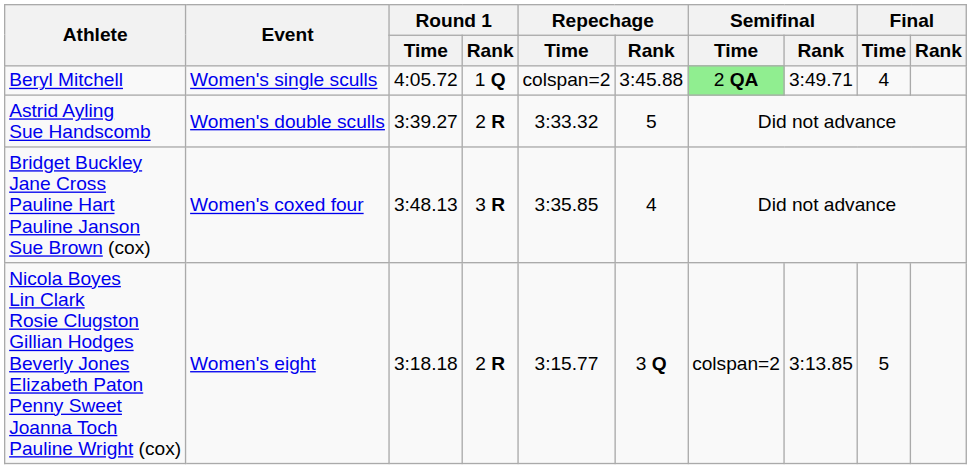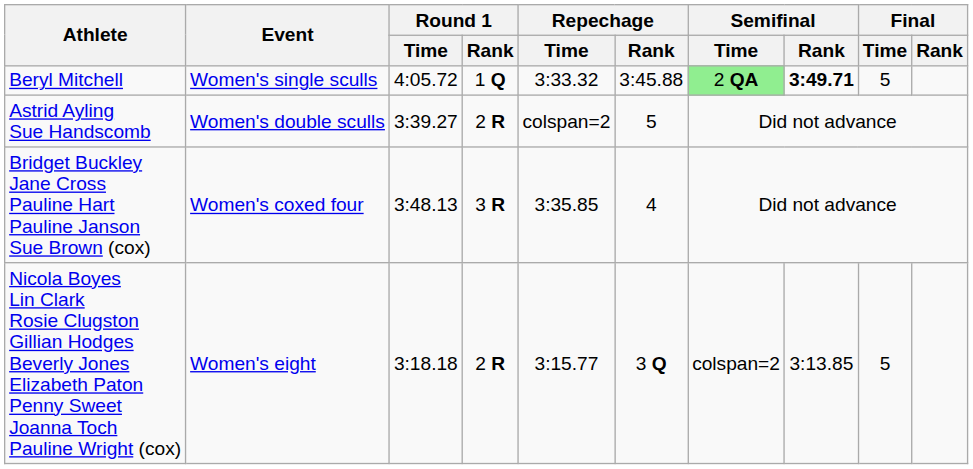 <table class="wikitable" style="font-size:90%;">
 <tr>
 <th rowspan=2>Athlete</th>
 <th rowspan=2>Event</th>
 <th colspan=2>Round 1</th>
 <th colspan=2>Repechage</th>
 <th colspan=2>Semifinal</th>
 <th colspan=2>Final</th>
 </tr>
 <tr>
 <th>Time</th>
 <th>Rank</th>
 <th>Time</th>
 <th>Rank</th>
 <th>Time</th>
 <th>Rank</th>
 <th>Time</th>
 <th>Rank</th>
 </tr>
 <tr align=center>
 <td align=left><a href='#'>Beryl Mitchell</a></td>
 <td align=left><a href='#'>Women's single sculls</a></td>
 <td>4:05.72</td>
 <td>1 <strong>Q</strong></td>
-<td>colspan=2</td>
+<td>3:33.32</td>
 <td>3:45.88</td>
 <td style="background: lightgreen;">2 <strong>QA</strong></td>
-<td>3:49.71</td>
-<td>4</td>
+<td><strong>3:49.71</strong></td>
+<td>5</td>
 </tr>
 <tr align=center>
 <td align=left><a href='#'>Astrid Ayling</a><br><a href='#'>Sue Handscomb</a></td>
 <td align=left><a href='#'>Women's double sculls</a></td>
 <td>3:39.27</td>
 <td>2 <strong>R</strong></td>
-<td>3:33.32</td>
+<td>colspan=2</td>
 <td>5</td>
 <td colspan=4>Did not advance</td>
 </tr>
 <tr align=center>
 <td align=left><a href='#'>Bridget Buckley</a><br><a href='#'>Jane Cross</a><br><a href='#'>Pauline Hart</a><br><a href='#'>Pauline Janson</a><br><a href='#'>Sue Brown</a> (cox)</td>
 <td align=left><a href='#'>Women's coxed four</a></td>
 <td>3:48.13</td>
 <td>3 <strong>R</strong></td>
 <td>3:35.85</td>
 <td>4</td>
 <td colspan=4>Did not advance</td>
 </tr>
 <tr align=center>
 <td align=left><a href='#'>Nicola Boyes</a><br><a href='#'>Lin Clark</a><br><a href='#'>Rosie Clugston</a><br><a href='#'>Gillian Hodges</a><br><a href='#'>Beverly Jones</a><br><a href='#'>Elizabeth Paton</a><br><a href='#'>Penny Sweet</a><br><a href='#'>Joanna Toch</a><br><a href='#'>Pauline Wright</a> (cox)</td>
 <td align=left><a href='#'>Women's eight</a></td>
 <td>3:18.18</td>
 <td>2 <strong>R</strong></td>
 <td>3:15.77</td>
 <td>3 <strong>Q</strong></td>
 <td>colspan=2</td>
 <td>3:13.85</td>
 <td>5</td>
 </tr>
 </table>
